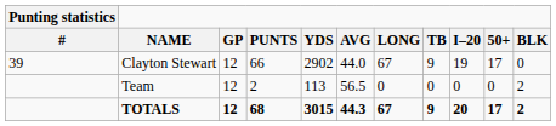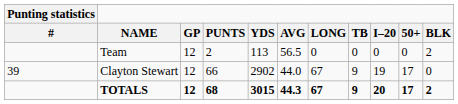 <table class="wikitable collapsible">
 <tr>
 <th style="text-align:center; ">Punting statistics</th>
 </tr>
 <tr>
 <th>#</th>
 <th>NAME</th>
 <th>GP</th>
 <th>PUNTS</th>
 <th>YDS</th>
 <th>AVG</th>
 <th>LONG</th>
 <th>TB</th>
 <th>I–20</th>
 <th>50+</th>
 <th>BLK</th>
 </tr>
 <tr>
+<td></td>
+<td>Team</td>
+<td>12</td>
+<td>2</td>
+<td>113</td>
+<td>56.5</td>
+<td>0</td>
+<td>0</td>
+<td>0</td>
+<td>0</td>
+<td>2</td>
+</tr>
+<tr>
 <td>39</td>
 <td>Clayton Stewart</td>
 <td>12</td>
 <td>66</td>
 <td>2902</td>
 <td>44.0</td>
 <td>67</td>
 <td>9</td>
 <td>19</td>
 <td>17</td>
 <td>0</td>
-</tr>
-<tr>
-<td></td>
-<td>Team</td>
-<td>12</td>
-<td>2</td>
-<td>113</td>
-<td>56.5</td>
-<td>0</td>
-<td>0</td>
-<td>0</td>
-<td>0</td>
-<td>2</td>
 </tr>
 <tr>
 <td></td>
 <td><strong>TOTALS</strong></td>
 <td><strong>12</strong></td>
 <td><strong>68</strong></td>
 <td><strong>3015</strong></td>
 <td><strong>44.3</strong></td>
 <td><strong>67</strong></td>
 <td><strong>9</strong></td>
 <td><strong>20</strong></td>
 <td><strong>17</strong></td>
 <td><strong>2</strong></td>
 </tr>
 </table>
